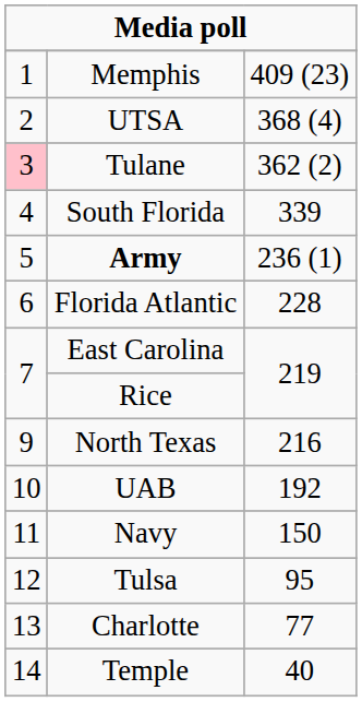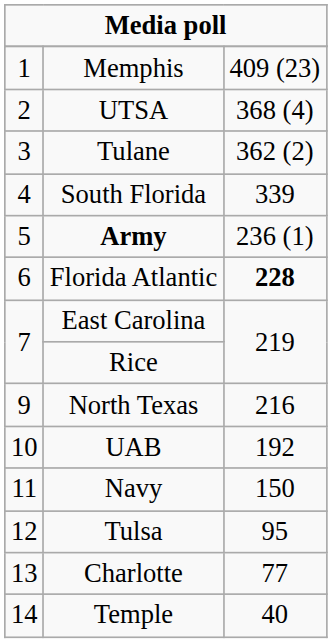 <table class="wikitable">
 <tr align="center">
 <td align="center" Colspan="3"><strong>Media poll</strong></td>
 </tr>
 <tr align="center">
 </tr>
 <tr align="center">
 <td>1</td>
 <td>Memphis</td>
 <td>409 (23)</td>
 </tr>
 <tr align="center">
 <td>2</td>
 <td>UTSA</td>
 <td>368 (4)</td>
 </tr>
 <tr align="center">
-<td style="background: pink;">3</td>
+<td>3</td>
 <td>Tulane</td>
 <td>362 (2)</td>
 </tr>
 <tr align="center">
 <td>4</td>
 <td>South Florida</td>
 <td>339</td>
 </tr>
 <tr align="center">
 <td>5</td>
 <td><strong>Army</strong></td>
 <td>236 (1)</td>
 </tr>
 <tr align="center">
 <td>6</td>
 <td>Florida Atlantic</td>
-<td>228</td>
+<td><strong>228</strong></td>
 </tr>
 <tr align="center">
 <td rowspan="2">7</td>
 <td>East Carolina</td>
 <td rowspan="2">219</td>
 </tr>
 <tr align="center">
 <td>Rice</td>
 </tr>
 <tr align="center">
 <td>9</td>
 <td>North Texas</td>
 <td>216</td>
 </tr>
 <tr align="center">
 <td>10</td>
 <td>UAB</td>
 <td>192</td>
 </tr>
 <tr align="center">
 <td>11</td>
 <td>Navy</td>
 <td>150</td>
 </tr>
 <tr align="center">
 <td>12</td>
 <td>Tulsa</td>
 <td>95</td>
 </tr>
 <tr align="center">
 <td>13</td>
 <td>Charlotte</td>
 <td>77</td>
 </tr>
 <tr align="center">
 <td>14</td>
 <td>Temple</td>
 <td>40</td>
 </tr>
 </table>
